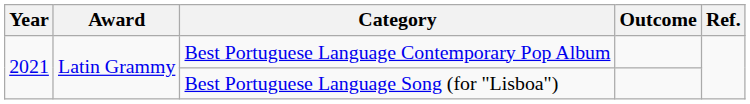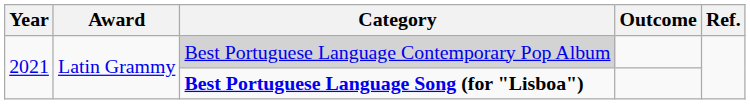 <table class="wikitable">
 <tr>
 <th>Year</th>
 <th>Award</th>
 <th>Category</th>
 <th>Outcome</th>
 <th>Ref.</th>
 </tr>
 <tr>
 <td rowspan="2"><a href='#'>2021</a></td>
 <td rowspan="2"><a href='#'>Latin Grammy</a></td>
-<td><a href='#'>Best Portuguese Language Contemporary Pop Album</a></td>
+<td style="background: lightgrey;"><a href='#'>Best Portuguese Language Contemporary Pop Album</a></td>
 <td></td>
 <td rowspan="2"></td>
 </tr>
 <tr>
-<td><a href='#'>Best Portuguese Language Song</a> (for "Lisboa")</td>
+<td><strong><a href='#'>Best Portuguese Language Song</a> (for "Lisboa")</strong></td>
 <td></td>
 </tr>
 </table>
